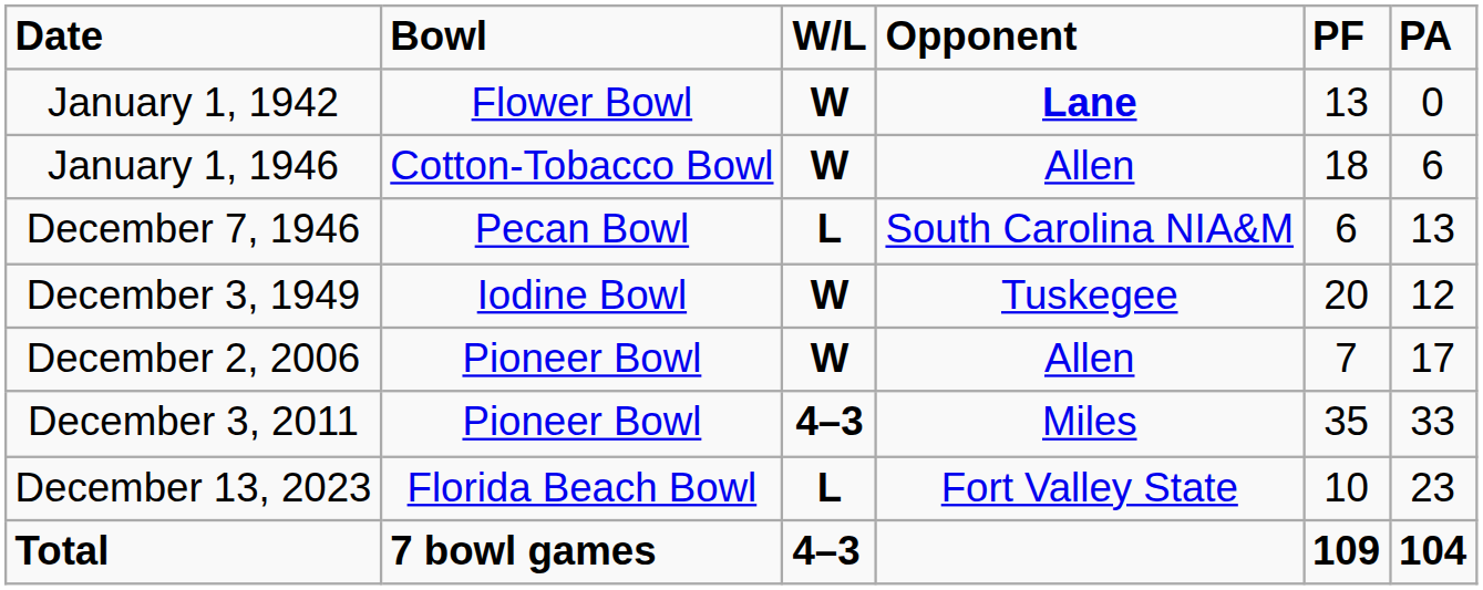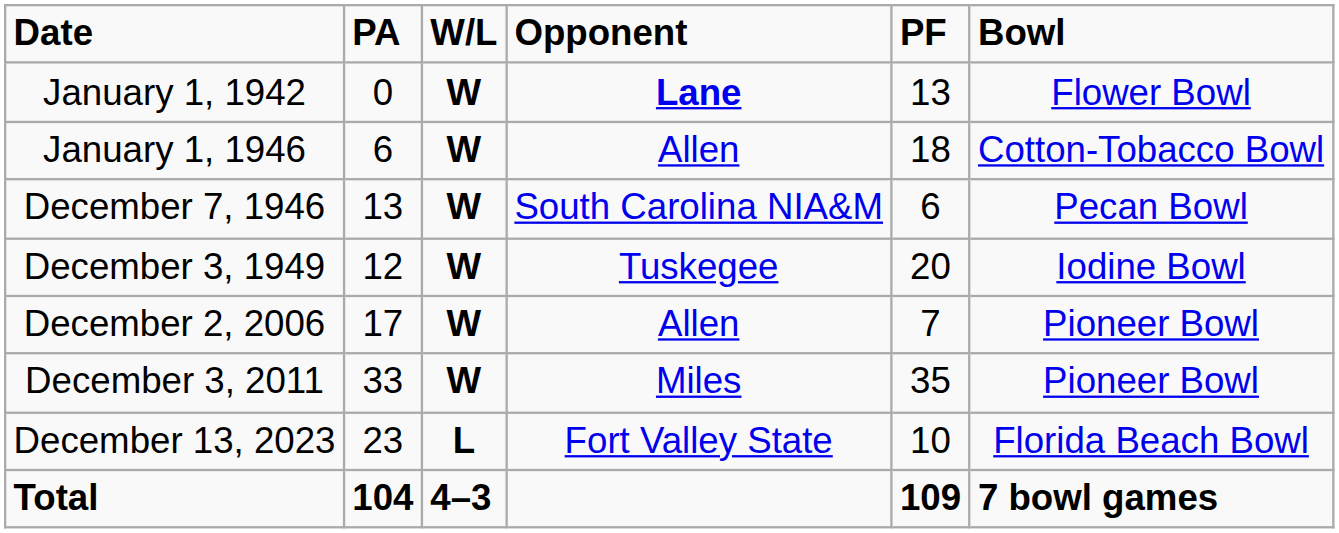 <table class="wikitable">
 <tr>
 <td><strong>Date</strong></td>
-<td><strong>Bowl</strong></td>
+<td><strong>PA</strong></td>
 <td><strong>W/L</strong></td>
 <td><strong>Opponent</strong></td>
 <td><strong>PF</strong></td>
-<td><strong>PA</strong></td>
+<td><strong>Bowl</strong></td>
 </tr>
 <tr align=center>
 <td>January 1, 1942</td>
-<td><a href='#'>Flower Bowl</a></td>
+<td>0</td>
 <td><strong>W</strong></td>
 <td><strong><a href='#'>Lane</a></strong></td>
 <td>13</td>
-<td>0</td>
+<td><a href='#'>Flower Bowl</a></td>
 </tr>
 <tr align=center>
 <td>January 1, 1946</td>
-<td><a href='#'>Cotton-Tobacco Bowl</a></td>
+<td>6</td>
 <td><strong>W</strong></td>
 <td><a href='#'>Allen</a></td>
 <td>18</td>
-<td>6</td>
+<td><a href='#'>Cotton-Tobacco Bowl</a></td>
 </tr>
 <tr align=center>
 <td>December 7, 1946</td>
-<td><a href='#'>Pecan Bowl</a></td>
-<td><strong>L</strong></td>
+<td>13</td>
+<td><strong>W</strong></td>
 <td><a href='#'>South Carolina NIA&M</a></td>
 <td>6</td>
-<td>13</td>
+<td><a href='#'>Pecan Bowl</a></td>
 </tr>
 <tr align=center>
 <td>December 3, 1949</td>
-<td><a href='#'>Iodine Bowl</a></td>
+<td>12</td>
 <td><strong>W</strong></td>
 <td><a href='#'>Tuskegee</a></td>
 <td>20</td>
-<td>12</td>
+<td><a href='#'>Iodine Bowl</a></td>
 </tr>
 <tr align=center>
 <td>December 2, 2006</td>
-<td><a href='#'>Pioneer Bowl</a></td>
+<td>17</td>
 <td><strong>W</strong></td>
 <td><a href='#'>Allen</a></td>
 <td>7</td>
-<td>17</td>
+<td><a href='#'>Pioneer Bowl</a></td>
 </tr>
 <tr align=center>
 <td>December 3, 2011</td>
-<td><a href='#'>Pioneer Bowl</a></td>
-<td><strong>4–3</strong></td>
+<td>33</td>
+<td><strong>W</strong></td>
 <td><a href='#'>Miles</a></td>
 <td>35</td>
-<td>33</td>
+<td><a href='#'>Pioneer Bowl</a></td>
 </tr>
 <tr align=center>
 <td>December 13, 2023</td>
-<td><a href='#'>Florida Beach Bowl</a></td>
+<td>23</td>
 <td><strong>L</strong></td>
 <td><a href='#'>Fort Valley State</a></td>
 <td>10</td>
-<td>23</td>
+<td><a href='#'>Florida Beach Bowl</a></td>
 </tr>
 <tr>
 <td><strong>Total</strong></td>
-<td><strong>7 bowl games</strong></td>
+<td><strong>104</strong></td>
 <td><strong>4–3</strong></td>
 <td></td>
 <td><strong>109</strong></td>
-<td><strong>104</strong></td>
+<td><strong>7 bowl games</strong></td>
 </tr>
 </table>
